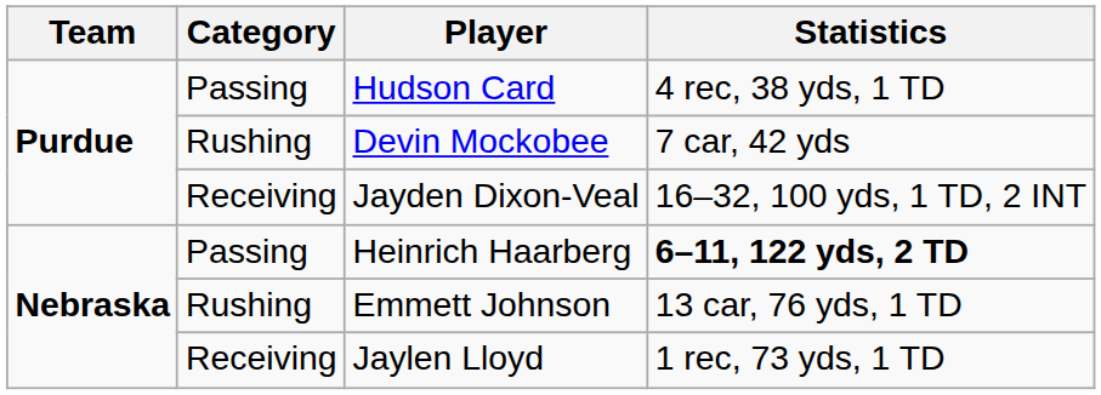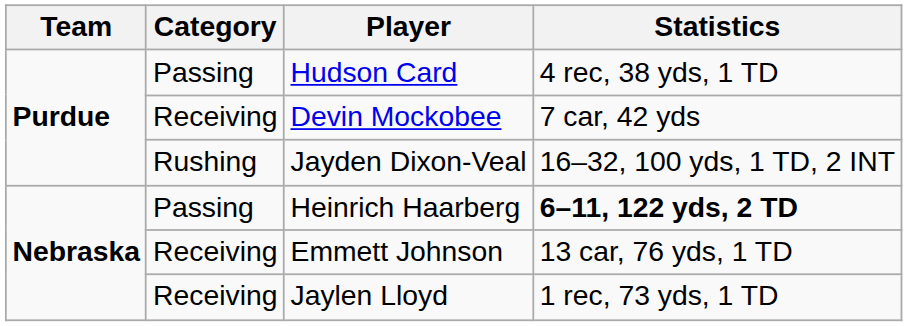 <table class="wikitable" style="float: right;">
 <tr>
 <th>Team</th>
 <th>Category</th>
 <th>Player</th>
 <th>Statistics</th>
 </tr>
 <tr>
 <td rowspan=3><strong>Purdue</strong></td>
 <td>Passing</td>
 <td><a href='#'>Hudson Card</a></td>
 <td>4 rec, 38 yds, 1 TD</td>
 </tr>
 <tr>
-<td>Rushing</td>
+<td>Receiving</td>
 <td><a href='#'>Devin Mockobee</a></td>
 <td>7 car, 42 yds</td>
 </tr>
 <tr>
-<td>Receiving</td>
+<td>Rushing</td>
 <td>Jayden Dixon-Veal</td>
 <td>16–32, 100 yds, 1 TD, 2 INT</td>
 </tr>
 <tr>
 <td rowspan=3><strong>Nebraska</strong></td>
 <td>Passing</td>
 <td>Heinrich Haarberg</td>
 <td><strong>6–11, 122 yds, 2 TD</strong></td>
 </tr>
 <tr>
-<td>Rushing</td>
+<td>Receiving</td>
 <td>Emmett Johnson</td>
 <td>13 car, 76 yds, 1 TD</td>
 </tr>
 <tr>
 <td>Receiving</td>
 <td>Jaylen Lloyd</td>
 <td>1 rec, 73 yds, 1 TD</td>
 </tr>
 </table>
